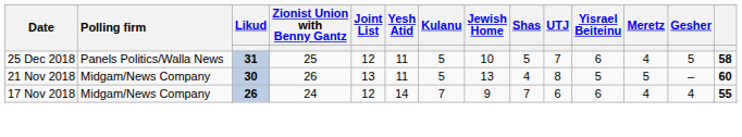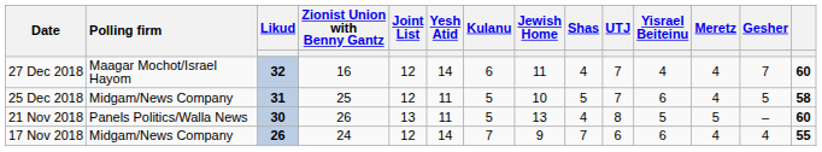 <table class="wikitable" style="text-align:center; font-size:90%; line-height:14px;">
 <tr>
 <th rowspan="2">Date</th>
 <th style="width:180px;text-align:left;" rowspan="2">Polling firm</th>
 <th><a href='#'>Likud</a></th>
 <th><a href='#'>Zionist Union</a><br>with<br><a href='#'>Benny Gantz</a></th>
 <th><a href='#'>Joint<br>List</a></th>
 <th><a href='#'>Yesh<br>Atid</a></th>
 <th><a href='#'>Kulanu</a></th>
 <th><a href='#'>Jewish<br>Home</a></th>
 <th><a href='#'>Shas</a></th>
 <th><a href='#'>UTJ</a></th>
 <th><a href='#'>Yisrael<br>Beiteinu</a></th>
 <th><a href='#'>Meretz</a></th>
 <th><a href='#'>Gesher</a></th>
 <th style="width:20px;"></th>
 </tr>
 <tr>
 <th style="color:inherit;background:"></th>
 <th style="color:inherit;background:"></th>
 <th style="color:inherit;background:"></th>
 <th style="color:inherit;background:"></th>
 <th style="color:inherit;background:"></th>
 <th style="color:inherit;background:"></th>
 <th style="color:inherit;background:"></th>
 <th style="color:inherit;background:"></th>
 <th style="color:inherit;background:"></th>
 <th style="color:inherit;background:"></th>
 <th style="color:inherit;background:"></th>
 <th style="color:inherit;background:"></th>
 </tr>
 <tr>
+<td>27 Dec 2018</td>
+<td style="text-align:left;">Maagar Mochot/Israel Hayom</td>
+<td style="background:#BBCDE4"><strong>32</strong>	</td>
+<td>16					</td>
+<td>12					</td>
+<td>14					</td>
+<td>6					</td>
+<td>11					</td>
+<td>4					</td>
+<td>7					</td>
+<td>4					</td>
+<td>4					</td>
+<td>7					</td>
+<td><strong>60</strong>				</td>
+</tr>
+<tr>
 <td>25 Dec 2018</td>
-<td style="text-align:left;">Panels Politics/Walla News</td>
+<td style="text-align:left;">Midgam/News Company</td>
 <td style="background:#BBCDE4"><strong>31</strong>	</td>
 <td>25					</td>
 <td>12					</td>
 <td>11					</td>
 <td>5					</td>
 <td>10					</td>
 <td>5					</td>
 <td>7					</td>
 <td>6					</td>
 <td>4					</td>
 <td>5					</td>
 <td><strong>58</strong>				</td>
 </tr>
 <tr>
 <td>21 Nov 2018</td>
-<td style="text-align:left;">Midgam/News Company</td>
+<td style="text-align:left;">Panels Politics/Walla News</td>
 <td style="background:#BBCDE4"><strong>30</strong>	</td>
 <td>26					</td>
 <td>13					</td>
 <td>11					</td>
 <td>5					</td>
 <td>13					</td>
 <td>4					</td>
 <td>8					</td>
 <td>5					</td>
 <td>5					</td>
 <td>–					</td>
 <td><strong>60</strong>				</td>
 </tr>
 <tr>
 <td>17 Nov 2018</td>
 <td style="text-align:left;">Midgam/News Company</td>
 <td style="background:#BBCDE4"><strong>26</strong>	</td>
 <td>24					</td>
 <td>12					</td>
 <td>14					</td>
 <td>7					</td>
 <td>9					</td>
 <td>7					</td>
 <td>6					</td>
 <td>6					</td>
 <td>4					</td>
 <td>4					</td>
 <td><strong>55</strong>				</td>
 </tr>
 </table>
